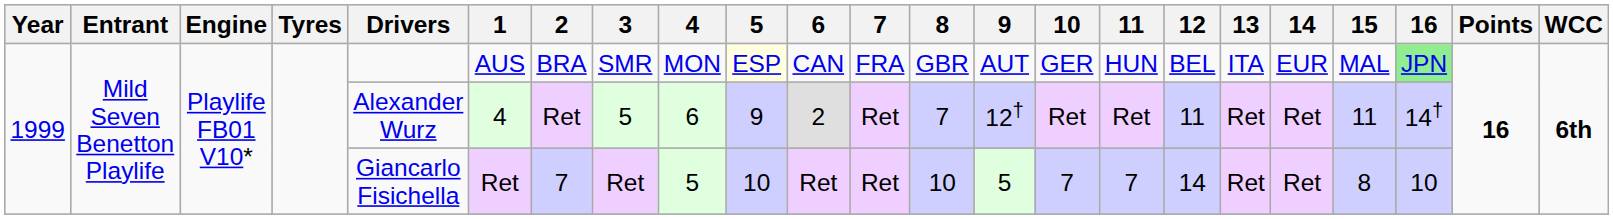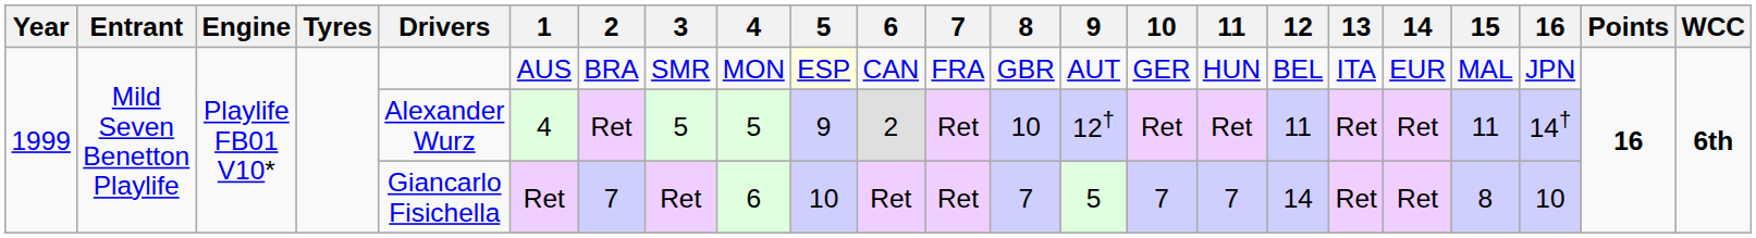 <table class="wikitable" style="text-align:center; font-size:95%">
 <tr>
 <th>Year</th>
 <th>Entrant</th>
 <th>Engine</th>
 <th>Tyres</th>
 <th>Drivers</th>
 <th>1</th>
 <th>2</th>
 <th>3</th>
 <th>4</th>
 <th>5</th>
 <th>6</th>
 <th>7</th>
 <th>8</th>
 <th>9</th>
 <th>10</th>
 <th>11</th>
 <th>12</th>
 <th>13</th>
 <th>14</th>
 <th>15</th>
 <th>16</th>
 <th>Points</th>
 <th>WCC</th>
 </tr>
 <tr>
 <td rowspan="3"><a href='#'>1999</a></td>
 <td rowspan="3"><a href='#'>Mild Seven</a> <a href='#'>Benetton</a> <a href='#'>Playlife</a></td>
 <td rowspan="3"><a href='#'>Playlife FB01</a> <a href='#'>V10</a>*</td>
 <td rowspan="3"></td>
 <td></td>
 <td><a href='#'>AUS</a></td>
 <td><a href='#'>BRA</a></td>
 <td><a href='#'>SMR</a></td>
 <td><a href='#'>MON</a></td>
 <td style="background: lightyellow;"><a href='#'>ESP</a></td>
 <td><a href='#'>CAN</a></td>
 <td><a href='#'>FRA</a></td>
 <td><a href='#'>GBR</a></td>
 <td><a href='#'>AUT</a></td>
 <td><a href='#'>GER</a></td>
 <td><a href='#'>HUN</a></td>
 <td><a href='#'>BEL</a></td>
 <td><a href='#'>ITA</a></td>
 <td><a href='#'>EUR</a></td>
 <td><a href='#'>MAL</a></td>
-<td style="background: lightgreen;"><a href='#'>JPN</a></td>
+<td><a href='#'>JPN</a></td>
 <td rowspan="3"><strong>16</strong></td>
 <td rowspan="3"><strong>6th</strong></td>
 </tr>
 <tr>
 <td><a href='#'>Alexander Wurz</a></td>
 <td style="background:#DFFFDF;">4</td>
 <td style="background:#EFCFFF;">Ret</td>
 <td style="background:#DFFFDF;">5</td>
-<td style="background:#DFFFDF;">6</td>
+<td style="background:#DFFFDF;">5</td>
 <td style="background:#CFCFFF;">9</td>
 <td style="background:#DFDFDF;">2</td>
 <td style="background:#EFCFFF;">Ret</td>
-<td style="background:#CFCFFF;">7</td>
+<td style="background:#CFCFFF;">10</td>
 <td style="background:#CFCFFF;">12<sup>†</sup></td>
 <td style="background:#EFCFFF;">Ret</td>
 <td style="background:#EFCFFF;">Ret</td>
 <td style="background:#CFCFFF;">11</td>
 <td style="background:#EFCFFF;">Ret</td>
 <td style="background:#EFCFFF;">Ret</td>
 <td style="background:#CFCFFF;">11</td>
 <td style="background:#CFCFFF;">14<sup>†</sup></td>
 </tr>
 <tr>
 <td><a href='#'>Giancarlo Fisichella</a></td>
 <td style="background:#EFCFFF;">Ret</td>
 <td style="background:#CFCFFF;">7</td>
 <td style="background:#EFCFFF;">Ret</td>
-<td style="background:#DFFFDF;">5</td>
+<td style="background:#DFFFDF;">6</td>
 <td style="background:#CFCFFF;">10</td>
 <td style="background:#EFCFFF;">Ret</td>
 <td style="background:#EFCFFF;">Ret</td>
-<td style="background:#CFCFFF;">10</td>
+<td style="background:#CFCFFF;">7</td>
 <td style="background:#DFFFDF;">5</td>
 <td style="background:#CFCFFF;">7</td>
 <td style="background:#CFCFFF;">7</td>
 <td style="background:#CFCFFF;">14</td>
 <td style="background:#EFCFFF;">Ret</td>
 <td style="background:#EFCFFF;">Ret</td>
 <td style="background:#CFCFFF;">8</td>
 <td style="background:#CFCFFF;">10</td>
 </tr>
 </table>
